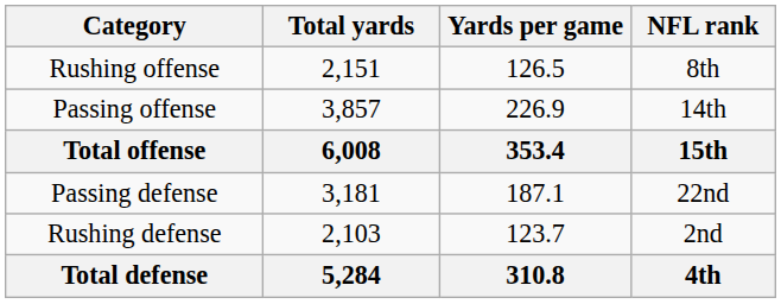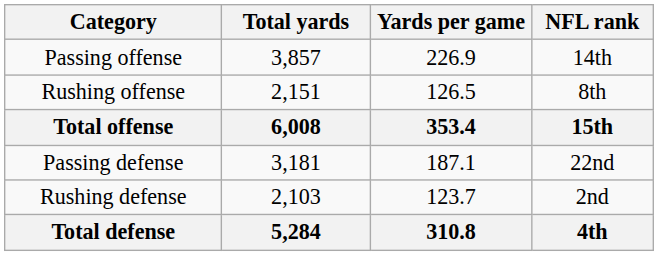 <table class="wikitable" style="text-align:center">
 <tr>
 <th width="150">Category</th>
 <th width="100">Total yards</th>
 <th width="110">Yards per game</th>
 <th width="80">NFL rank<br></th>
 </tr>
 <tr>
+<td>Passing offense</td>
+<td>3,857</td>
+<td>226.9</td>
+<td>14th</td>
+</tr>
+<tr>
 <td>Rushing offense</td>
 <td>2,151</td>
 <td>126.5</td>
 <td>8th</td>
-</tr>
-<tr>
-<td>Passing offense</td>
-<td>3,857</td>
-<td>226.9</td>
-<td>14th</td>
 </tr>
 <tr>
 <th>Total offense</th>
 <th>6,008</th>
 <th>353.4</th>
 <th>15th</th>
 </tr>
 <tr>
 <td>Passing defense</td>
 <td>3,181</td>
 <td>187.1</td>
 <td>22nd</td>
 </tr>
 <tr>
 <td>Rushing defense</td>
 <td>2,103</td>
 <td>123.7</td>
 <td>2nd</td>
 </tr>
 <tr>
 <th>Total defense</th>
 <th>5,284</th>
 <th>310.8</th>
 <th>4th</th>
 </tr>
 </table>
